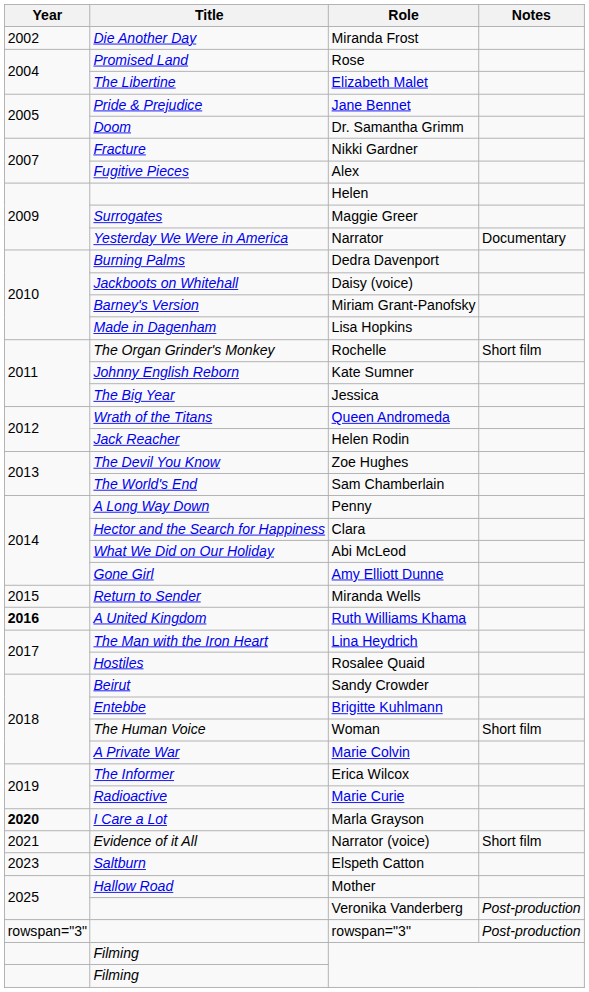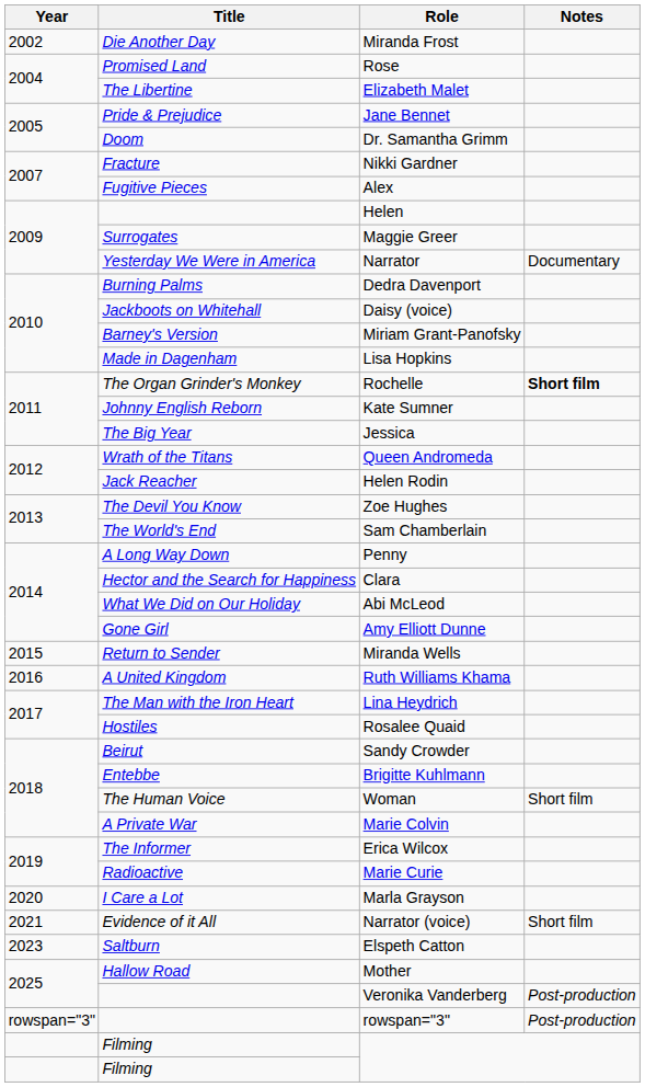 <table class="wikitable sortable">
 <tr>
 <th>Year</th>
 <th>Title</th>
 <th>Role</th>
 <th class="unsortable">Notes</th>
 </tr>
 <tr>
 <td>2002</td>
 <td><em><a href='#'>Die Another Day</a></em></td>
 <td>Miranda Frost</td>
 <td></td>
 </tr>
 <tr>
 <td rowspan=2>2004</td>
 <td><em><a href='#'>Promised Land</a></em></td>
 <td>Rose</td>
 <td></td>
 </tr>
 <tr>
 <td data-sort-value="Libertine, The"><em><a href='#'>The Libertine</a></em></td>
 <td><a href='#'>Elizabeth Malet</a></td>
 <td></td>
 </tr>
 <tr>
 <td rowspan=2>2005</td>
 <td><em><a href='#'>Pride & Prejudice</a></em></td>
 <td><a href='#'>Jane Bennet</a></td>
 <td></td>
 </tr>
 <tr>
 <td><em><a href='#'>Doom</a></em></td>
 <td>Dr. Samantha Grimm</td>
 <td></td>
 </tr>
 <tr>
 <td rowspan=2>2007</td>
 <td><em><a href='#'>Fracture</a></em></td>
 <td>Nikki Gardner</td>
 <td></td>
 </tr>
 <tr>
 <td><em><a href='#'>Fugitive Pieces</a></em></td>
 <td>Alex</td>
 <td></td>
 </tr>
 <tr>
 <td rowspan=3>2009</td>
 <td><em></em></td>
 <td>Helen</td>
 <td></td>
 </tr>
 <tr>
 <td><em><a href='#'>Surrogates</a></em></td>
 <td>Maggie Greer</td>
 <td></td>
 </tr>
 <tr>
 <td><em><a href='#'>Yesterday We Were in America</a></em></td>
 <td>Narrator</td>
 <td>Documentary</td>
 </tr>
 <tr>
 <td rowspan=4>2010</td>
 <td><em><a href='#'>Burning Palms</a></em></td>
 <td>Dedra Davenport</td>
 <td></td>
 </tr>
 <tr>
 <td><em><a href='#'>Jackboots on Whitehall</a></em></td>
 <td>Daisy (voice)</td>
 <td></td>
 </tr>
 <tr>
 <td><em><a href='#'>Barney's Version</a></em></td>
 <td>Miriam Grant-Panofsky</td>
 <td></td>
 </tr>
 <tr>
 <td><em><a href='#'>Made in Dagenham</a></em></td>
 <td>Lisa Hopkins</td>
 <td></td>
 </tr>
 <tr>
 <td rowspan=3>2011</td>
 <td data-sort-value="Organ Grinder's Monkey, The"><em>The Organ Grinder's Monkey</em></td>
 <td>Rochelle</td>
-<td>Short film</td>
+<td><strong>Short film</strong></td>
 </tr>
 <tr>
 <td><em><a href='#'>Johnny English Reborn</a></em></td>
 <td>Kate Sumner</td>
 <td></td>
 </tr>
 <tr>
 <td data-sort-value="Big Year, The"><em><a href='#'>The Big Year</a></em></td>
 <td>Jessica</td>
 <td></td>
 </tr>
 <tr>
 <td rowspan=2>2012</td>
 <td><em><a href='#'>Wrath of the Titans</a></em></td>
 <td><a href='#'>Queen Andromeda</a></td>
 <td></td>
 </tr>
 <tr>
 <td><em><a href='#'>Jack Reacher</a></em></td>
 <td>Helen Rodin</td>
 <td></td>
 </tr>
 <tr>
 <td rowspan=2>2013</td>
 <td data-sort-value="Devil You Know, The"><em><a href='#'>The Devil You Know</a></em></td>
 <td>Zoe Hughes</td>
 <td></td>
 </tr>
 <tr>
 <td data-sort-value="World's End, The"><em><a href='#'>The World's End</a></em></td>
 <td>Sam Chamberlain</td>
 <td></td>
 </tr>
 <tr>
 <td rowspan=4>2014</td>
 <td data-sort-value="Long Way Down, A"><em><a href='#'>A Long Way Down</a></em></td>
 <td>Penny</td>
 <td></td>
 </tr>
 <tr>
 <td><em><a href='#'>Hector and the Search for Happiness</a></em></td>
 <td>Clara</td>
 <td></td>
 </tr>
 <tr>
 <td><em><a href='#'>What We Did on Our Holiday</a></em></td>
 <td>Abi McLeod</td>
 <td></td>
 </tr>
 <tr>
 <td><em><a href='#'>Gone Girl</a></em></td>
 <td><a href='#'>Amy Elliott Dunne</a></td>
 <td></td>
 </tr>
 <tr>
 <td>2015</td>
 <td><em><a href='#'>Return to Sender</a></em></td>
 <td>Miranda Wells</td>
 <td></td>
 </tr>
 <tr>
-<td><strong>2016</strong></td>
+<td>2016</td>
 <td data-sort-value="United Kingdom, A"><em><a href='#'>A United Kingdom</a></em></td>
 <td><a href='#'>Ruth Williams Khama</a></td>
 <td></td>
 </tr>
 <tr>
 <td rowspan=2>2017</td>
 <td data-sort-value="Man with the Iron Heart, The"><em><a href='#'>The Man with the Iron Heart</a></em></td>
 <td><a href='#'>Lina Heydrich</a></td>
 <td></td>
 </tr>
 <tr>
 <td><em><a href='#'>Hostiles</a></em></td>
 <td>Rosalee Quaid</td>
 <td></td>
 </tr>
 <tr>
 <td rowspan="4">2018</td>
 <td><em><a href='#'>Beirut</a></em></td>
 <td>Sandy Crowder</td>
 <td></td>
 </tr>
 <tr>
 <td><em><a href='#'>Entebbe</a></em></td>
 <td><a href='#'>Brigitte Kuhlmann</a></td>
 <td></td>
 </tr>
 <tr>
 <td><em>The Human Voice</em></td>
 <td>Woman</td>
 <td>Short film</td>
 </tr>
 <tr>
 <td data-sort-value="Private War, A"><em><a href='#'>A Private War</a></em></td>
 <td><a href='#'>Marie Colvin</a></td>
 <td></td>
 </tr>
 <tr>
 <td rowspan=2>2019</td>
 <td data-sort-value="Informer, The"><em><a href='#'>The Informer</a></em></td>
 <td>Erica Wilcox</td>
 <td></td>
 </tr>
 <tr>
 <td><em><a href='#'>Radioactive</a></em></td>
 <td><a href='#'>Marie Curie</a></td>
 <td></td>
 </tr>
 <tr>
-<td><strong>2020</strong></td>
+<td>2020</td>
 <td><em><a href='#'>I Care a Lot</a></em></td>
 <td>Marla Grayson</td>
 <td></td>
 </tr>
 <tr>
 <td>2021</td>
 <td><em>Evidence of it All</em></td>
 <td>Narrator (voice)</td>
 <td>Short film</td>
 </tr>
 <tr>
 <td>2023</td>
 <td><em><a href='#'>Saltburn</a></em></td>
 <td>Elspeth Catton</td>
 <td></td>
 </tr>
 <tr>
 <td rowspan="2">2025</td>
 <td><em><a href='#'>Hallow Road</a></em></td>
 <td>Mother</td>
 </tr>
 <tr>
 <td></td>
 <td>Veronika Vanderberg</td>
 <td><em>Post-production</em></td>
 </tr>
 <tr>
 <td>rowspan="3" </td>
 <td></td>
 <td>rowspan="3" </td>
 <td><em>Post-production</em></td>
 </tr>
 <tr>
 <td></td>
 <td><em>Filming</em></td>
 </tr>
 <tr>
 <td></td>
 <td><em>Filming</em></td>
 </tr>
 </table>
